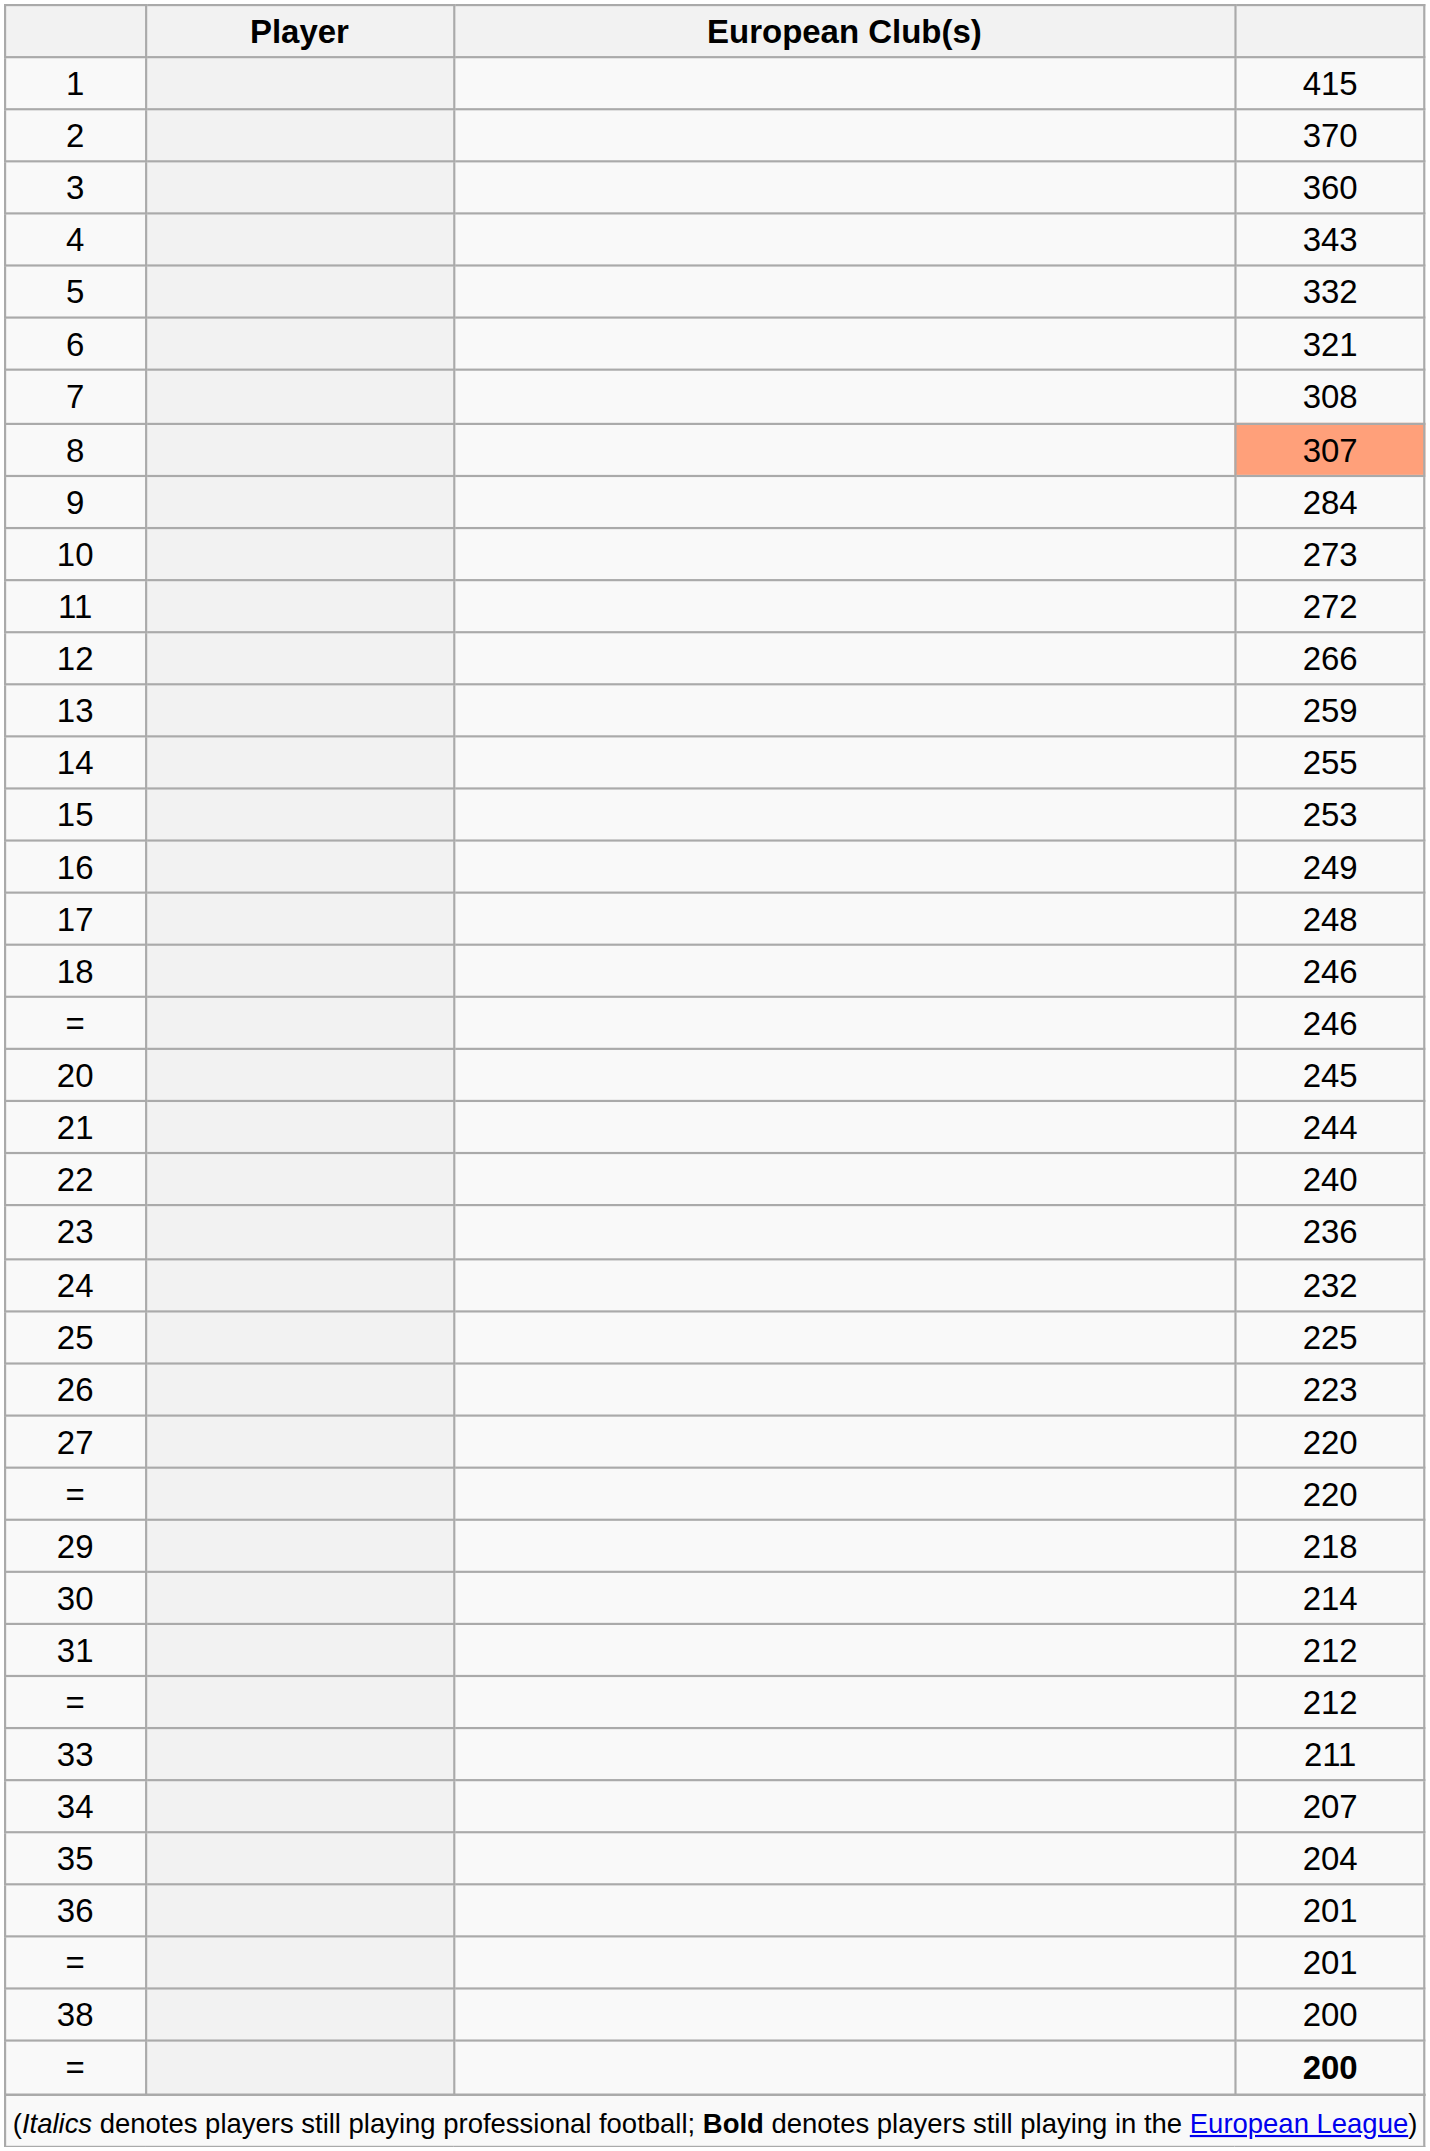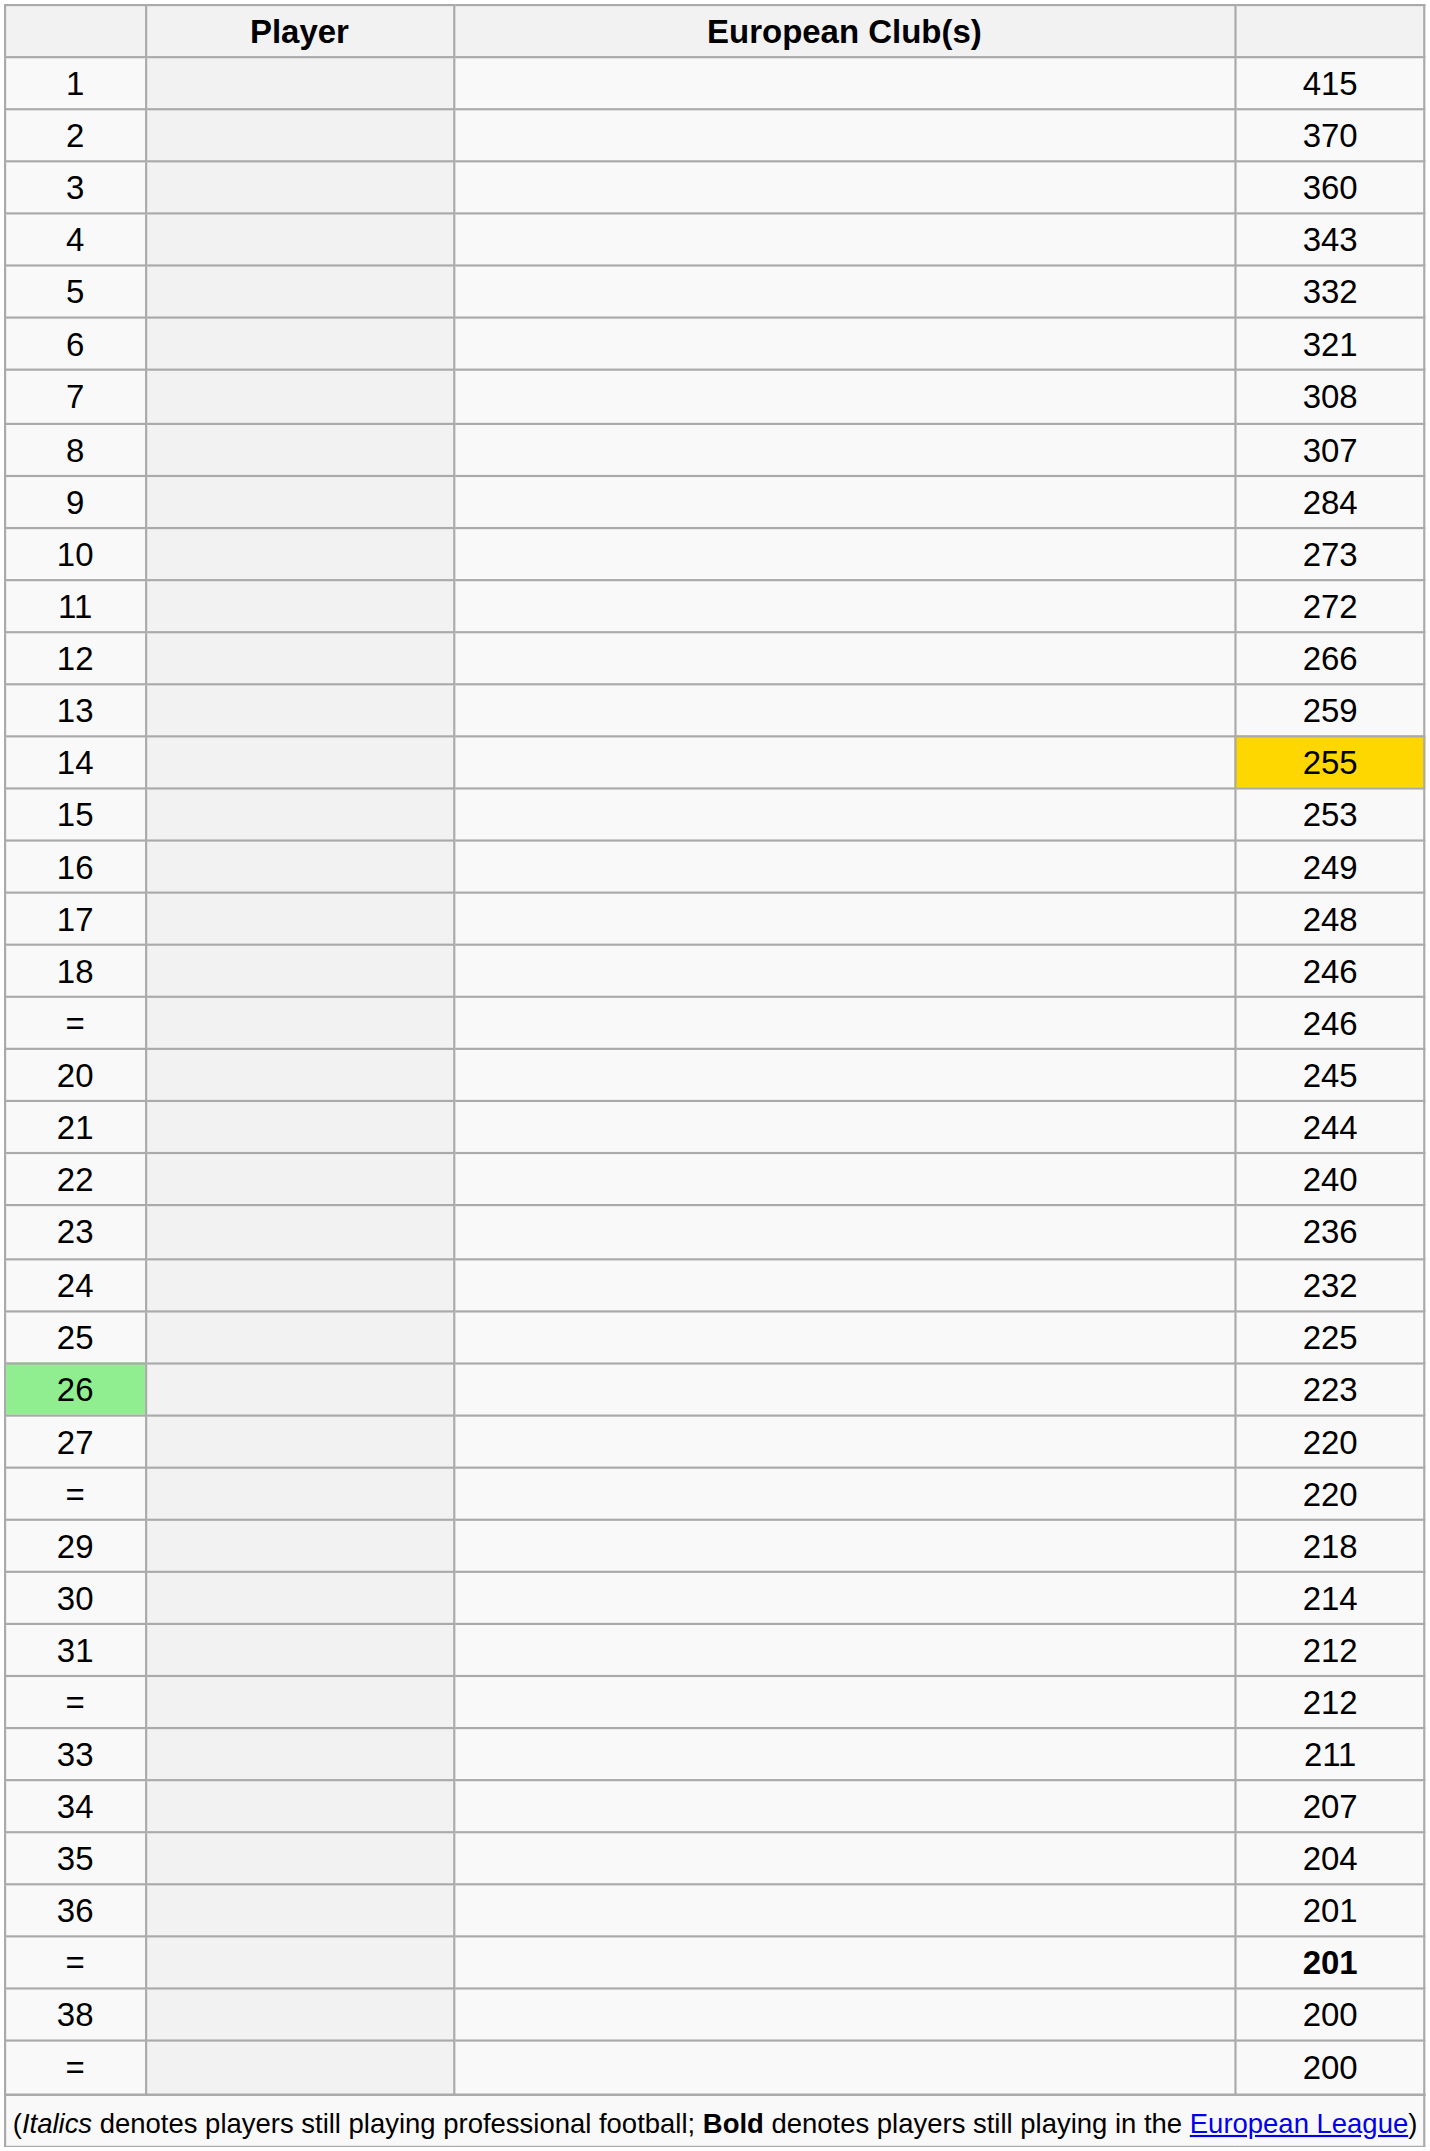 <table class="wikitable plainrowheaders sortable" style="text-align:center;font-size:95%">
 <tr>
 <th scope="col"></th>
 <th scope="col">Player</th>
 <th scope="col" class="unsortable">European Club(s)</th>
 <th scope="col"></th>
 </tr>
 <tr>
 <td>1</td>
 <th scope="row" style="text-align:left;"></th>
 <td style="text-align:left;"></td>
 <td>415</td>
 </tr>
 <tr>
 <td>2</td>
 <th scope="row" style="text-align:left;"><strong></strong></th>
 <td style="text-align:left;"></td>
 <td>370</td>
 </tr>
 <tr>
 <td>3</td>
 <th scope="row" style="text-align:left;"></th>
 <td style="text-align:left;"></td>
 <td>360</td>
 </tr>
 <tr>
 <td>4</td>
 <th scope="row" style="text-align:left;"></th>
 <td style="text-align:left;"></td>
 <td>343</td>
 </tr>
 <tr>
 <td>5</td>
 <th scope="row" style="text-align:left;"><strong></strong></th>
 <td style="text-align:left;"></td>
 <td>332</td>
 </tr>
 <tr>
 <td>6</td>
 <th scope="row" style="text-align:left;"></th>
 <td style="text-align:left;"></td>
 <td>321</td>
 </tr>
 <tr>
 <td>7</td>
 <th scope="row" style="text-align:left;"></th>
 <td style="text-align:left;"></td>
 <td>308</td>
 </tr>
 <tr>
 <td>8</td>
 <th scope="row" style="text-align:left;"></th>
 <td style="text-align:left;"></td>
-<td style="background: lightsalmon;">307</td>
+<td>307</td>
 </tr>
 <tr>
 <td>9</td>
 <th scope="row" style="text-align:left;"><em></em></th>
 <td style="text-align:left;"></td>
 <td>284</td>
 </tr>
 <tr>
 <td>10</td>
 <th scope="row" style="text-align:left;"></th>
 <td style="text-align:left;"></td>
 <td>273</td>
 </tr>
 <tr>
 <td>11</td>
 <th scope="row" style="text-align:left;"><strong></strong></th>
 <td style="text-align:left;"></td>
 <td>272</td>
 </tr>
 <tr>
 <td>12</td>
 <th scope="row" style="text-align:left;"></th>
 <td style="text-align:left;"></td>
 <td>266</td>
 </tr>
 <tr>
 <td>13</td>
 <th scope="row" style="text-align:left;"><em></em></th>
 <td style="text-align:left;"></td>
 <td>259</td>
 </tr>
 <tr>
 <td>14</td>
 <th scope="row" style="text-align:left;"><strong></strong></th>
 <td style="text-align:left;"></td>
-<td>255</td>
+<td style="background: gold;">255</td>
 </tr>
 <tr>
 <td>15</td>
 <th scope="row" style="text-align:left;"></th>
 <td style="text-align:left;"></td>
 <td>253</td>
 </tr>
 <tr>
 <td>16</td>
 <th scope="row" style="text-align:left;"><em></em></th>
 <td style="text-align:left;"></td>
 <td>249</td>
 </tr>
 <tr>
 <td>17</td>
 <th scope="row" style="text-align:left;"></th>
 <td style="text-align:left;"></td>
 <td>248</td>
 </tr>
 <tr>
 <td>18</td>
 <th scope="row" style="text-align:left;"></th>
 <td style="text-align:left;"></td>
 <td>246</td>
 </tr>
 <tr>
 <td>=</td>
 <th scope="row" style="text-align:left;"></th>
 <td style="text-align:left;"></td>
 <td>246</td>
 </tr>
 <tr>
 <td>20</td>
 <th scope="row" style="text-align:left;"></th>
 <td style="text-align:left;"></td>
 <td>245</td>
 </tr>
 <tr>
 <td>21</td>
 <th scope="row" style="text-align:left;"></th>
 <td style="text-align:left;"></td>
 <td>244</td>
 </tr>
 <tr>
 <td>22</td>
 <th scope="row" style="text-align:left;"></th>
 <td style="text-align:left;"></td>
 <td>240</td>
 </tr>
 <tr>
 <td>23</td>
 <th scope="row" style="text-align:left;"><strong></strong></th>
 <td style="text-align:left;"></td>
 <td>236</td>
 </tr>
 <tr>
 <td>24</td>
 <th scope="row" style="text-align:left;"><em></em></th>
 <td style="text-align:left;"></td>
 <td>232</td>
 </tr>
 <tr>
 <td>25</td>
 <th scope="row" style="text-align:left;"></th>
 <td style="text-align:left;"></td>
 <td>225</td>
 </tr>
 <tr>
-<td>26</td>
+<td style="background: lightgreen;">26</td>
 <th scope="row" style="text-align:left;"></th>
 <td style="text-align:left;"></td>
 <td>223</td>
 </tr>
 <tr>
 <td>27</td>
 <th scope="row" style="text-align:left;"></th>
 <td style="text-align:left;"></td>
 <td>220</td>
 </tr>
 <tr>
 <td>=</td>
 <th scope="row" style="text-align:left;"><strong></strong></th>
 <td style="text-align:left;"></td>
 <td>220</td>
 </tr>
 <tr>
 <td>29</td>
 <th scope="row" style="text-align:left;"></th>
 <td style="text-align:left;"></td>
 <td>218</td>
 </tr>
 <tr>
 <td>30</td>
 <th scope="row" style="text-align:left;"></th>
 <td style="text-align:left;"></td>
 <td>214</td>
 </tr>
 <tr>
 <td>31</td>
 <th scope="row" style="text-align:left;"></th>
 <td style="text-align:left;"></td>
 <td>212</td>
 </tr>
 <tr>
 <td>=</td>
 <th scope="row" style="text-align:left;"></th>
 <td style="text-align:left;"></td>
 <td>212</td>
 </tr>
 <tr>
 <td>33</td>
 <th scope="row" style="text-align:left;"></th>
 <td style="text-align:left;"></td>
 <td>211</td>
 </tr>
 <tr>
 <td>34</td>
 <th scope="row" style="text-align:left;"></th>
 <td style="text-align:left;"></td>
 <td>207</td>
 </tr>
 <tr>
 <td>35</td>
 <th scope="row" style="text-align:left;"></th>
 <td style="text-align:left;"></td>
 <td>204</td>
 </tr>
 <tr>
 <td>36</td>
 <th scope="row" style="text-align:left;"></th>
 <td style="text-align:left;"></td>
 <td>201</td>
 </tr>
 <tr>
 <td>=</td>
 <th scope="row" style="text-align:left;"><em></em></th>
 <td style="text-align:left;"></td>
-<td>201</td>
+<td><strong>201</strong></td>
 </tr>
 <tr>
 <td>38</td>
 <th scope="row" style="text-align:left;"><strong></strong></th>
 <td style="text-align:left;"></td>
 <td>200</td>
 </tr>
 <tr>
 <td>=</td>
 <th scope="row" style="text-align:left;"></th>
 <td style="text-align:left;"></td>
-<td><strong>200</strong></td>
+<td>200</td>
 </tr>
 <tr>
 </tr>
 <tr class="sortbottom">
 <td colspan="5"><small>(<em>Italics</em> denotes players still playing professional football; <strong>Bold</strong> denotes players still playing in the <a href='#'>European League</a>)</small></td>
 </tr>
 </table>
